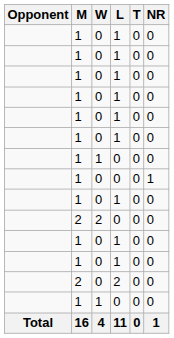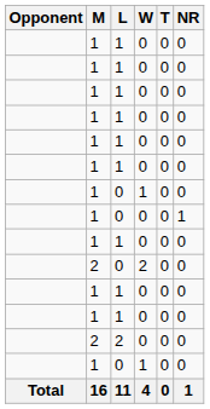 <table class="wikitable sortable">
 <tr>
 <th>Opponent</th>
 <th>M</th>
+<th>L</th>
 <th>W</th>
-<th>L</th>
 <th>T</th>
 <th>NR</th>
 </tr>
 <tr>
 <td></td>
 <td>1</td>
+<td>1</td>
 <td>0</td>
+<td>0</td>
+<td>0</td>
+</tr>
+<tr>
+<td></td>
 <td>1</td>
+<td>1</td>
+<td>0</td>
+<td>0</td>
+<td>0</td>
+</tr>
+<tr>
+<td></td>
+<td>1</td>
+<td>1</td>
+<td>0</td>
+<td>0</td>
+<td>0</td>
+</tr>
+<tr>
+<td></td>
+<td>1</td>
+<td>1</td>
+<td>0</td>
+<td>0</td>
+<td>0</td>
+</tr>
+<tr>
+<td></td>
+<td>1</td>
+<td>1</td>
+<td>0</td>
+<td>0</td>
+<td>0</td>
+</tr>
+<tr>
+<td></td>
+<td>1</td>
+<td>1</td>
+<td>0</td>
 <td>0</td>
 <td>0</td>
 </tr>
 <tr>
 <td></td>
 <td>1</td>
 <td>0</td>
 <td>1</td>
 <td>0</td>
 <td>0</td>
 </tr>
 <tr>
 <td></td>
 <td>1</td>
 <td>0</td>
+<td>0</td>
+<td>0</td>
 <td>1</td>
+</tr>
+<tr>
+<td></td>
+<td>1</td>
+<td>1</td>
+<td>0</td>
 <td>0</td>
 <td>0</td>
 </tr>
 <tr>
 <td></td>
-<td>1</td>
+<td>2</td>
 <td>0</td>
-<td>1</td>
-<td>0</td>
-<td>0</td>
-</tr>
-<tr>
-<td></td>
-<td>1</td>
-<td>0</td>
-<td>1</td>
-<td>0</td>
-<td>0</td>
-</tr>
-<tr>
-<td></td>
-<td>1</td>
-<td>0</td>
-<td>1</td>
+<td>2</td>
 <td>0</td>
 <td>0</td>
 </tr>
 <tr>
 <td></td>
 <td>1</td>
 <td>1</td>
 <td>0</td>
 <td>0</td>
 <td>0</td>
 </tr>
 <tr>
 <td></td>
 <td>1</td>
-<td>0</td>
-<td>0</td>
-<td>0</td>
-<td>1</td>
-</tr>
-<tr>
-<td></td>
 <td>1</td>
 <td>0</td>
-<td>1</td>
 <td>0</td>
 <td>0</td>
 </tr>
 <tr>
 <td></td>
 <td>2</td>
 <td>2</td>
 <td>0</td>
 <td>0</td>
 <td>0</td>
 </tr>
 <tr>
 <td></td>
 <td>1</td>
 <td>0</td>
 <td>1</td>
 <td>0</td>
 <td>0</td>
 </tr>
 <tr>
-<td></td>
-<td>1</td>
-<td>0</td>
-<td>1</td>
-<td>0</td>
-<td>0</td>
-</tr>
-<tr>
-<td></td>
-<td>2</td>
-<td>0</td>
-<td>2</td>
-<td>0</td>
-<td>0</td>
-</tr>
-<tr>
-<td></td>
-<td>1</td>
-<td>1</td>
-<td>0</td>
-<td>0</td>
-<td>0</td>
-</tr>
-<tr>
 <th>Total</th>
 <th>16</th>
+<th>11</th>
 <th>4</th>
-<th>11</th>
 <th>0</th>
 <th>1</th>
 </tr>
 </table>
